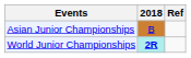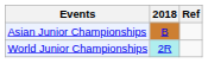 <table style='font-size: 90%; text-align:center;' class='wikitable'>
 <tr>
 <th>Events</th>
 <th>2018</th>
 <th>Ref</th>
 </tr>
 <tr>
 <td bgcolor="#ECF2FF"; align="left"><a href='#'>Asian Junior Championships</a></td>
 <td bgcolor=CD7F32><a href='#'>B</a></td>
 <td></td>
 </tr>
 <tr>
 <td bgcolor="#ECF2FF"; align="left"><a href='#'>World Junior Championships</a></td>
-<td bgcolor=AFEEEE><strong><a href='#'>2R</a></strong></td>
+<td bgcolor=AFEEEE><a href='#'>2R</a></td>
 </tr>
 </table>
